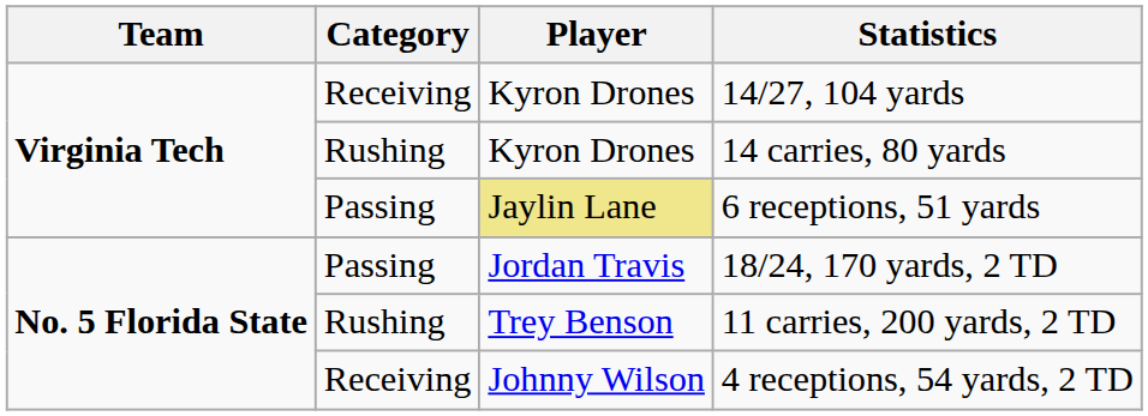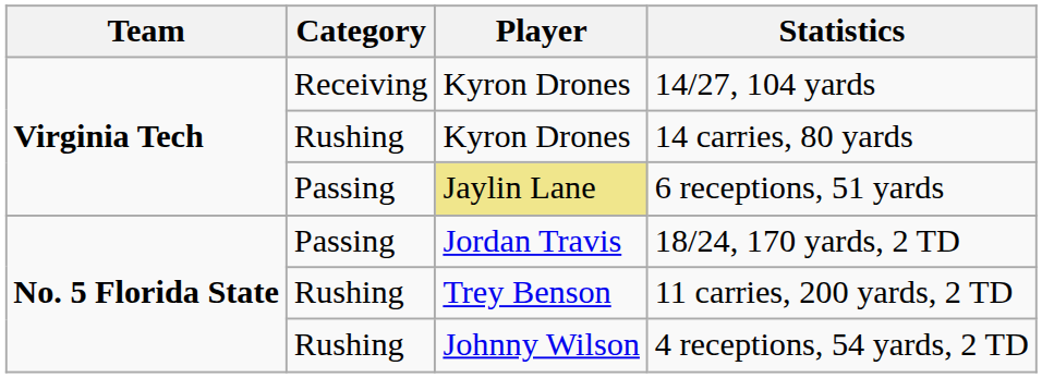 <table class="wikitable" style="float: right;">
 <tr>
 <th>Team</th>
 <th>Category</th>
 <th>Player</th>
 <th>Statistics</th>
 </tr>
 <tr>
 <td rowspan=3><strong>Virginia Tech</strong></td>
 <td>Receiving</td>
 <td>Kyron Drones</td>
 <td>14/27, 104 yards</td>
 </tr>
 <tr>
 <td>Rushing</td>
 <td>Kyron Drones</td>
 <td>14 carries, 80 yards</td>
 </tr>
 <tr>
 <td>Passing</td>
 <td style="background: khaki;">Jaylin Lane</td>
 <td>6 receptions, 51 yards</td>
 </tr>
 <tr>
 <td rowspan=3><strong>No. 5 Florida State</strong></td>
 <td>Passing</td>
 <td><a href='#'>Jordan Travis</a></td>
 <td>18/24, 170 yards, 2 TD</td>
 </tr>
 <tr>
 <td>Rushing</td>
 <td><a href='#'>Trey Benson</a></td>
 <td>11 carries, 200 yards, 2 TD</td>
 </tr>
 <tr>
-<td>Receiving</td>
+<td>Rushing</td>
 <td><a href='#'>Johnny Wilson</a></td>
 <td>4 receptions, 54 yards, 2 TD</td>
 </tr>
 </table>
